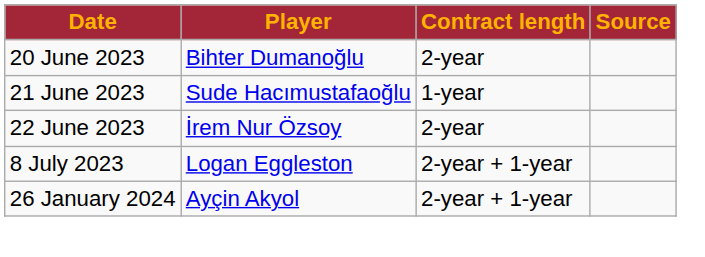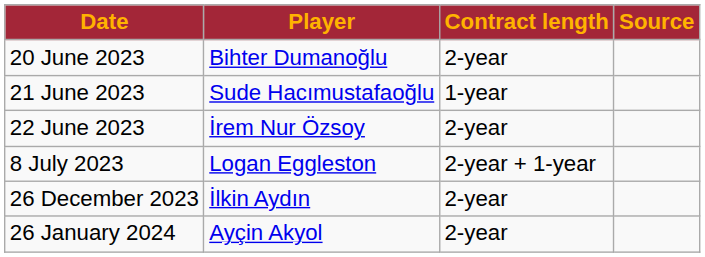 <table class="wikitable plainrowheaders sortable">
 <tr>
 <th style="background:#A32638; color:#FFB300; ">Date</th>
 <th style="background:#A32638; color:#FFB300; ">Player</th>
 <th style="background:#A32638; color:#FFB300; ">Contract length</th>
 <th style="background:#A32638; color:#FFB300; ">Source</th>
 </tr>
 <tr>
 <td>20 June 2023</td>
 <td align=left> <a href='#'>Bihter Dumanoğlu</a></td>
 <td>2-year</td>
 <td></td>
 </tr>
 <tr>
 <td>21 June 2023</td>
 <td align=left> <a href='#'>Sude Hacımustafaoğlu</a></td>
 <td>1-year</td>
 <td></td>
 </tr>
 <tr>
 <td>22 June 2023</td>
 <td align=left> <a href='#'>İrem Nur Özsoy</a></td>
 <td>2-year</td>
 <td></td>
 </tr>
 <tr>
 <td>8 July 2023</td>
 <td align=left> <a href='#'>Logan Eggleston</a></td>
 <td>2-year + 1-year</td>
 <td></td>
 </tr>
 <tr>
+<td>26 December 2023</td>
+<td align=left> <a href='#'>İlkin Aydın</a></td>
+<td>2-year</td>
+<td></td>
+</tr>
+<tr>
 <td>26 January 2024</td>
 <td align=left> <a href='#'>Ayçin Akyol</a></td>
-<td>2-year + 1-year</td>
+<td>2-year</td>
 <td></td>
 </tr>
 </table>
